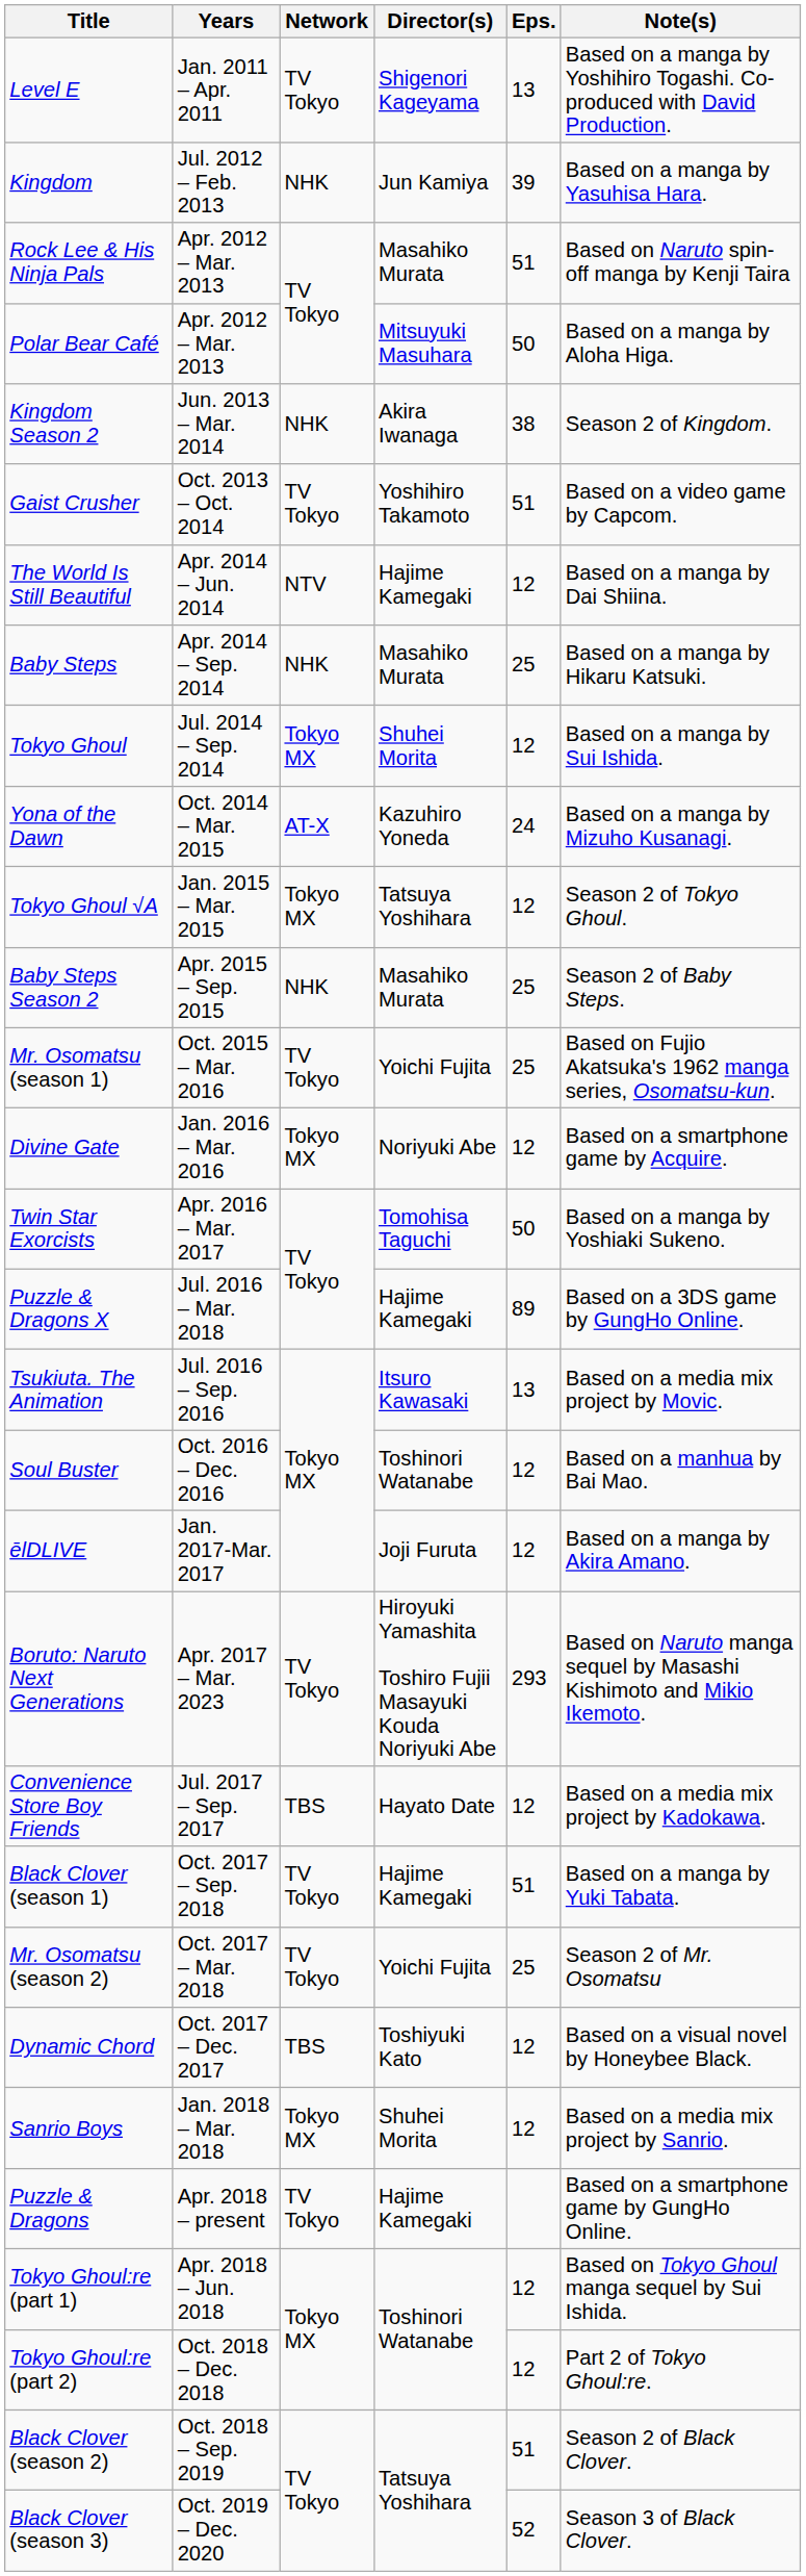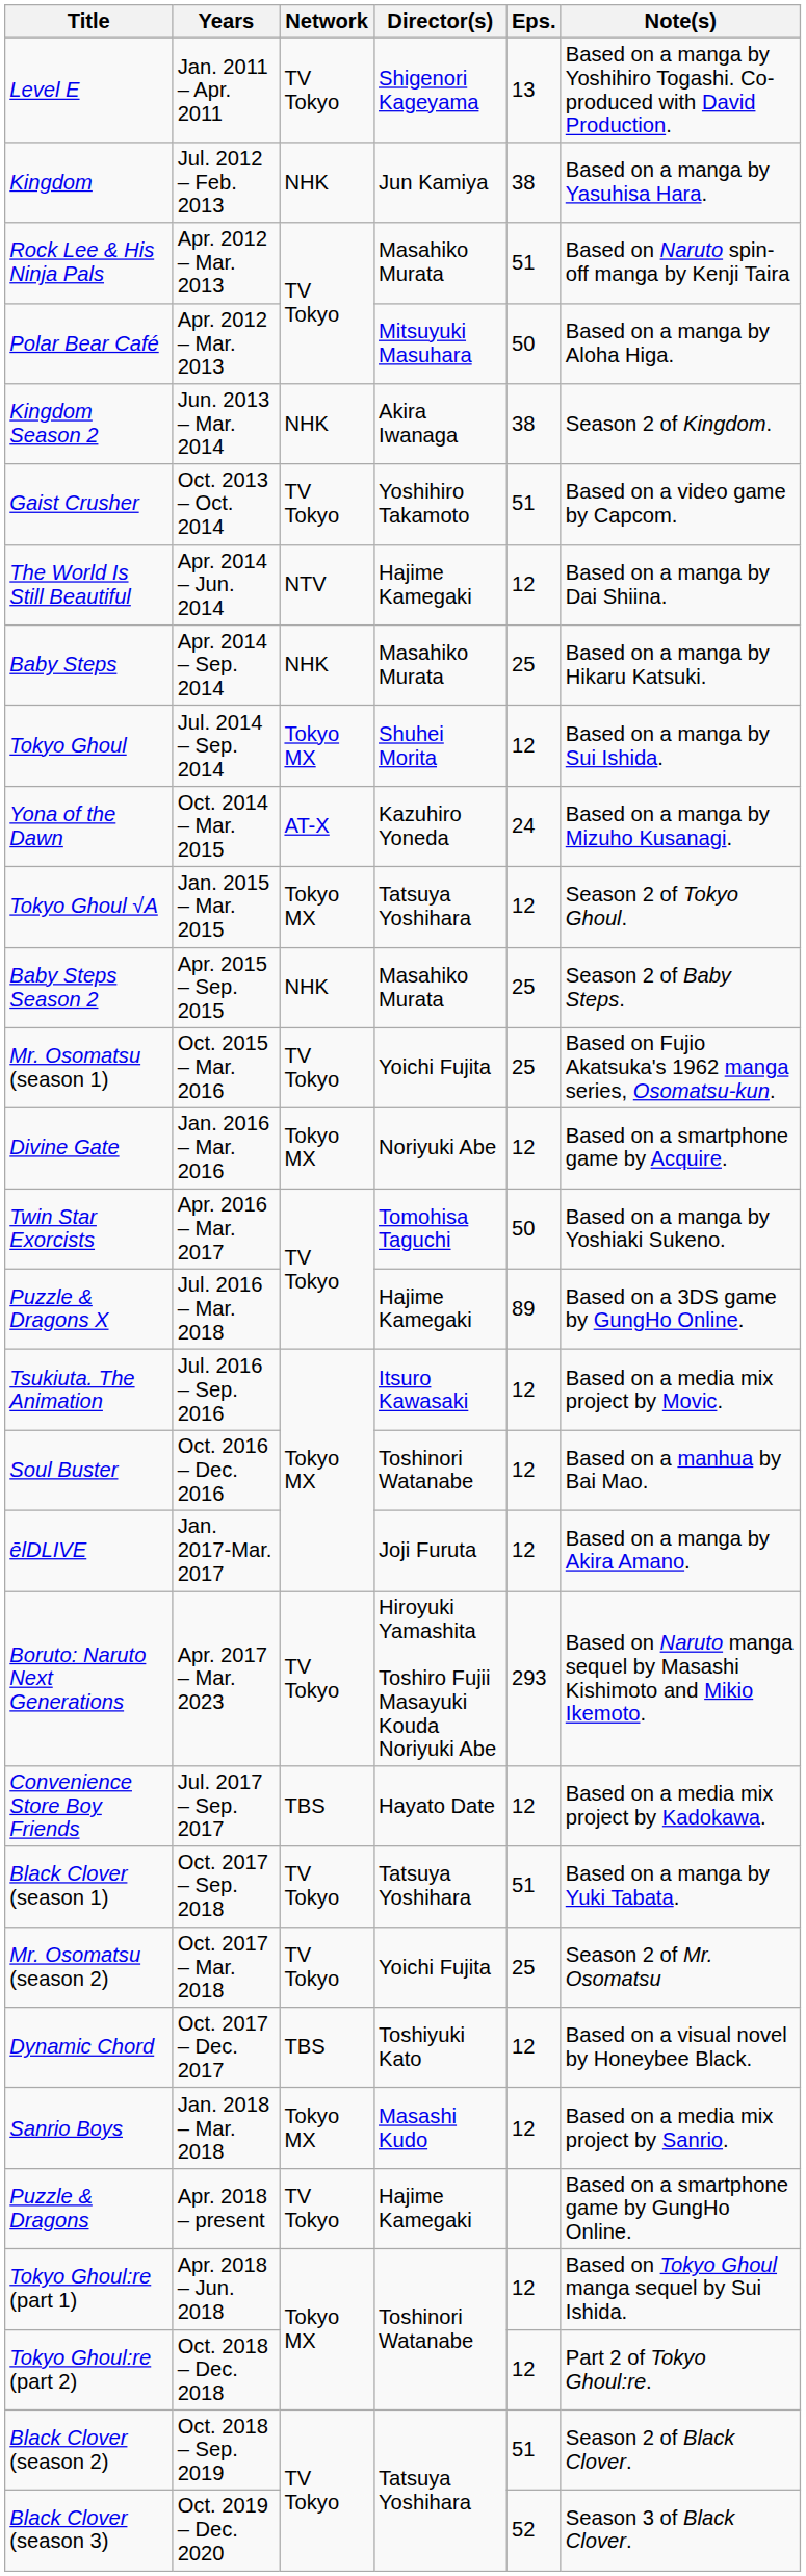 <table class="wikitable sortable">
 <tr>
 <th>Title</th>
 <th>Years</th>
 <th>Network</th>
 <th>Director(s)</th>
 <th>Eps.</th>
 <th>Note(s)</th>
 </tr>
 <tr>
 <td><em><a href='#'>Level E</a></em></td>
 <td>Jan. 2011 – Apr. 2011</td>
 <td>TV Tokyo</td>
 <td><a href='#'>Shigenori Kageyama</a></td>
 <td>13</td>
 <td>Based on a manga by Yoshihiro Togashi. Co-produced with <a href='#'>David Production</a>.</td>
 </tr>
 <tr>
 <td><em><a href='#'>Kingdom</a></em></td>
 <td>Jul. 2012 – Feb. 2013</td>
 <td>NHK</td>
 <td>Jun Kamiya</td>
-<td>39</td>
+<td>38</td>
 <td>Based on a manga by <a href='#'>Yasuhisa Hara</a>.</td>
 </tr>
 <tr>
 <td><em><a href='#'>Rock Lee & His Ninja Pals</a></em></td>
 <td>Apr. 2012 – Mar. 2013</td>
 <td rowspan="2">TV Tokyo</td>
 <td>Masahiko Murata</td>
 <td>51</td>
 <td>Based on <em><a href='#'>Naruto</a></em> spin-off manga by Kenji Taira</td>
 </tr>
 <tr>
 <td><em><a href='#'>Polar Bear Café</a></em></td>
 <td>Apr. 2012 – Mar. 2013</td>
 <td><a href='#'>Mitsuyuki Masuhara</a></td>
 <td>50</td>
 <td>Based on a manga by Aloha Higa.</td>
 </tr>
 <tr>
 <td><em><a href='#'>Kingdom Season 2</a></em></td>
 <td>Jun. 2013 – Mar. 2014</td>
 <td>NHK</td>
 <td>Akira Iwanaga</td>
 <td>38</td>
 <td>Season 2 of <em>Kingdom</em>.</td>
 </tr>
 <tr>
 <td><em><a href='#'>Gaist Crusher</a></em></td>
 <td>Oct. 2013 – Oct. 2014</td>
 <td>TV Tokyo</td>
 <td>Yoshihiro Takamoto</td>
 <td>51</td>
 <td>Based on a video game by Capcom.</td>
 </tr>
 <tr>
 <td><em><a href='#'>The World Is Still Beautiful</a></em></td>
 <td>Apr. 2014 – Jun. 2014</td>
 <td>NTV</td>
 <td>Hajime Kamegaki</td>
 <td>12</td>
 <td>Based on a manga by Dai Shiina.</td>
 </tr>
 <tr>
 <td><em><a href='#'>Baby Steps</a></em></td>
 <td>Apr. 2014 – Sep. 2014</td>
 <td>NHK</td>
 <td>Masahiko Murata</td>
 <td>25</td>
 <td>Based on a manga by Hikaru Katsuki.</td>
 </tr>
 <tr>
 <td><em><a href='#'>Tokyo Ghoul</a></em></td>
 <td>Jul. 2014 – Sep. 2014</td>
 <td><a href='#'>Tokyo MX</a></td>
 <td><a href='#'>Shuhei Morita</a></td>
 <td>12</td>
 <td>Based on a manga by <a href='#'>Sui Ishida</a>.</td>
 </tr>
 <tr>
 <td><em><a href='#'>Yona of the Dawn</a></em></td>
 <td>Oct. 2014 – Mar. 2015</td>
 <td><a href='#'>AT-X</a></td>
 <td>Kazuhiro Yoneda</td>
 <td>24</td>
 <td>Based on a manga by <a href='#'>Mizuho Kusanagi</a>.</td>
 </tr>
 <tr>
 <td><em><a href='#'>Tokyo Ghoul √A</a></em></td>
 <td>Jan. 2015 – Mar. 2015</td>
 <td>Tokyo MX</td>
 <td>Tatsuya Yoshihara</td>
 <td>12</td>
 <td>Season 2 of <em>Tokyo Ghoul</em>.</td>
 </tr>
 <tr>
 <td><em><a href='#'>Baby Steps Season 2</a></em></td>
 <td>Apr. 2015 – Sep. 2015</td>
 <td>NHK</td>
 <td>Masahiko Murata</td>
 <td>25</td>
 <td>Season 2 of <em>Baby Steps</em>.</td>
 </tr>
 <tr>
 <td><em><a href='#'>Mr. Osomatsu</a></em> (season 1)</td>
 <td>Oct. 2015 – Mar. 2016</td>
 <td>TV Tokyo</td>
 <td>Yoichi Fujita</td>
 <td>25</td>
 <td>Based on Fujio Akatsuka's 1962 <a href='#'>manga</a> series, <em><a href='#'>Osomatsu-kun</a></em>.</td>
 </tr>
 <tr>
 <td><em><a href='#'>Divine Gate</a></em></td>
 <td>Jan. 2016 – Mar. 2016</td>
 <td>Tokyo MX</td>
 <td>Noriyuki Abe</td>
 <td>12</td>
 <td>Based on a smartphone game by <a href='#'>Acquire</a>.</td>
 </tr>
 <tr>
 <td><em><a href='#'>Twin Star Exorcists</a></em></td>
 <td>Apr. 2016 – Mar. 2017</td>
 <td rowspan="2">TV Tokyo</td>
 <td><a href='#'>Tomohisa Taguchi</a></td>
 <td>50</td>
 <td>Based on a manga by Yoshiaki Sukeno.</td>
 </tr>
 <tr>
 <td><em><a href='#'>Puzzle & Dragons X</a></em></td>
 <td>Jul. 2016 – Mar. 2018</td>
 <td>Hajime Kamegaki</td>
 <td>89</td>
 <td>Based on a 3DS game by <a href='#'>GungHo Online</a>.</td>
 </tr>
 <tr>
 <td><em><a href='#'>Tsukiuta. The Animation</a></em></td>
 <td>Jul. 2016 – Sep. 2016</td>
 <td rowspan="3">Tokyo MX</td>
 <td><a href='#'>Itsuro Kawasaki</a></td>
-<td>13</td>
+<td>12</td>
 <td>Based on a media mix project by <a href='#'>Movic</a>.</td>
 </tr>
 <tr>
 <td><em><a href='#'>Soul Buster</a></em></td>
 <td>Oct. 2016 – Dec. 2016</td>
 <td>Toshinori Watanabe</td>
 <td>12</td>
 <td>Based on a <a href='#'>manhua</a> by Bai Mao.</td>
 </tr>
 <tr>
 <td><em><a href='#'>ēlDLIVE</a></em></td>
 <td>Jan. 2017-Mar. 2017</td>
 <td>Joji Furuta</td>
 <td>12</td>
 <td>Based on a manga by <a href='#'>Akira Amano</a>.</td>
 </tr>
 <tr>
 <td><em><a href='#'>Boruto: Naruto Next Generations</a></em></td>
 <td>Apr. 2017 – Mar. 2023</td>
 <td>TV Tokyo</td>
 <td>Hiroyuki Yamashita <br><br>Toshiro Fujii <br> Masayuki Kouda <br> Noriyuki Abe </td>
 <td>293</td>
 <td>Based on <em><a href='#'>Naruto</a></em> manga sequel by Masashi Kishimoto and <a href='#'>Mikio Ikemoto</a>.</td>
 </tr>
 <tr>
 <td><em><a href='#'>Convenience Store Boy Friends</a></em></td>
 <td>Jul. 2017 – Sep. 2017</td>
 <td>TBS</td>
 <td>Hayato Date</td>
 <td>12</td>
 <td>Based on a media mix project by <a href='#'>Kadokawa</a>.</td>
 </tr>
 <tr>
 <td><em><a href='#'>Black Clover</a></em> (season 1)</td>
 <td>Oct. 2017 – Sep. 2018</td>
 <td>TV Tokyo</td>
-<td>Hajime Kamegaki</td>
+<td>Tatsuya Yoshihara</td>
 <td>51</td>
 <td>Based on a manga by <a href='#'>Yuki Tabata</a>.</td>
 </tr>
 <tr>
 <td><em><a href='#'>Mr. Osomatsu</a></em> (season 2)</td>
 <td>Oct. 2017 – Mar. 2018</td>
 <td>TV Tokyo</td>
 <td>Yoichi Fujita</td>
 <td>25</td>
 <td>Season 2 of <em>Mr. Osomatsu</em></td>
 </tr>
 <tr>
 <td><em><a href='#'>Dynamic Chord</a></em></td>
 <td>Oct. 2017 – Dec. 2017</td>
 <td>TBS</td>
 <td>Toshiyuki Kato</td>
 <td>12</td>
 <td>Based on a visual novel by Honeybee Black.</td>
 </tr>
 <tr>
 <td><em><a href='#'>Sanrio Boys</a></em></td>
 <td>Jan. 2018 – Mar. 2018</td>
 <td>Tokyo MX</td>
-<td>Shuhei Morita</td>
+<td><a href='#'>Masashi Kudo</a></td>
 <td>12</td>
 <td>Based on a media mix project by <a href='#'>Sanrio</a>.</td>
 </tr>
 <tr>
 <td><em><a href='#'>Puzzle & Dragons</a></em></td>
 <td>Apr. 2018 – present</td>
 <td>TV Tokyo</td>
 <td>Hajime Kamegaki</td>
 <td></td>
 <td>Based on a smartphone game by GungHo Online.</td>
 </tr>
 <tr>
 <td><em><a href='#'>Tokyo Ghoul:re</a></em> (part 1)</td>
 <td>Apr. 2018 – Jun. 2018</td>
 <td rowspan="2">Tokyo MX</td>
 <td rowspan="2">Toshinori Watanabe</td>
 <td>12</td>
 <td>Based on <em><a href='#'>Tokyo Ghoul</a></em> manga sequel by Sui Ishida.</td>
 </tr>
 <tr>
 <td><a href='#'><em>Tokyo Ghoul:re</em></a> (part 2)</td>
 <td>Oct. 2018 – Dec. 2018</td>
 <td>12</td>
 <td>Part 2 of <em>Tokyo Ghoul:re</em>.</td>
 </tr>
 <tr>
 <td><em><a href='#'>Black Clover</a></em> (season 2)</td>
 <td>Oct. 2018 – Sep. 2019</td>
 <td rowspan="2">TV Tokyo</td>
 <td rowspan="2">Tatsuya Yoshihara</td>
 <td>51</td>
 <td>Season 2 of <em>Black Clover</em>.</td>
 </tr>
 <tr>
 <td><em><a href='#'>Black Clover</a></em> (season 3)</td>
 <td>Oct. 2019 – Dec. 2020</td>
 <td>52</td>
 <td>Season 3 of <em>Black Clover</em>.</td>
 </tr>
 </table>
